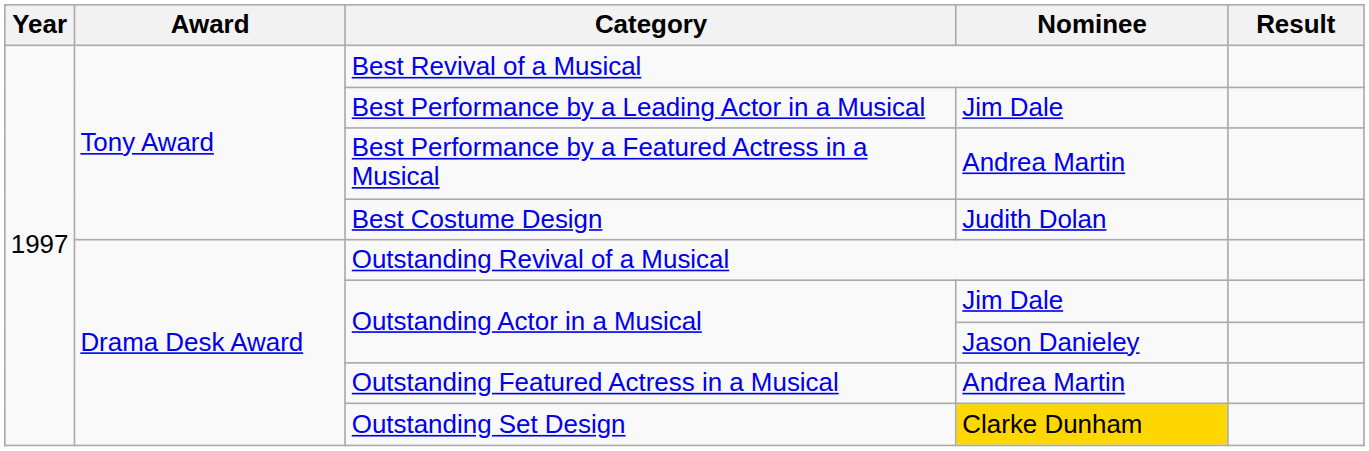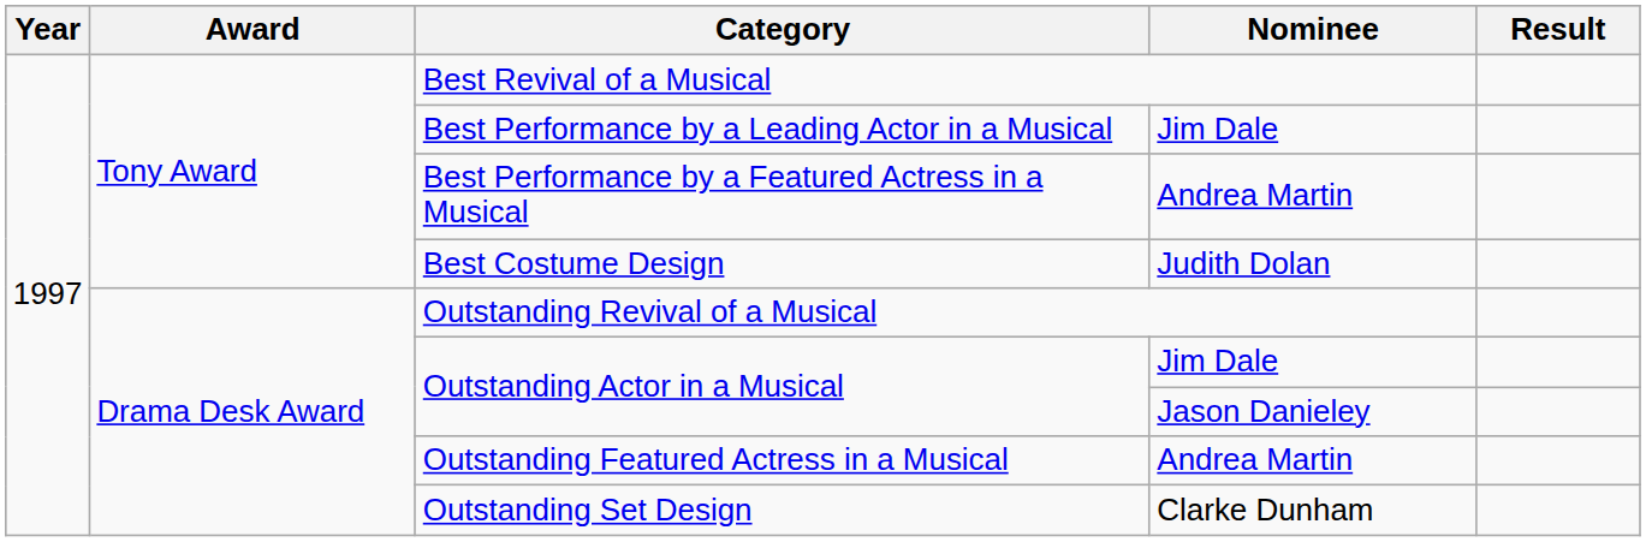 <table class="wikitable" style="width:95%;">
 <tr>
 <th style="width:5%;">Year</th>
 <th style="width:20%;">Award</th>
 <th style="width:45%;">Category</th>
 <th style="width:20%;">Nominee</th>
 <th style="width:10%;">Result</th>
 </tr>
 <tr>
 <td rowspan="9" style="text-align:center;">1997</td>
 <td rowspan="4"><a href='#'>Tony Award</a></td>
 <td colspan="2"><a href='#'>Best Revival of a Musical</a></td>
 <td></td>
 </tr>
 <tr>
 <td><a href='#'>Best Performance by a Leading Actor in a Musical</a></td>
 <td><a href='#'>Jim Dale</a></td>
 <td></td>
 </tr>
 <tr>
 <td><a href='#'>Best Performance by a Featured Actress in a Musical</a></td>
 <td><a href='#'>Andrea Martin</a></td>
 <td></td>
 </tr>
 <tr>
 <td><a href='#'>Best Costume Design</a></td>
 <td><a href='#'>Judith Dolan</a></td>
 <td></td>
 </tr>
 <tr>
 <td rowspan="5"><a href='#'>Drama Desk Award</a></td>
 <td colspan="2"><a href='#'>Outstanding Revival of a Musical</a></td>
 <td></td>
 </tr>
 <tr>
 <td rowspan="2"><a href='#'>Outstanding Actor in a Musical</a></td>
 <td><a href='#'>Jim Dale</a></td>
 <td></td>
 </tr>
 <tr>
 <td><a href='#'>Jason Danieley</a></td>
 <td></td>
 </tr>
 <tr>
 <td><a href='#'>Outstanding Featured Actress in a Musical</a></td>
 <td><a href='#'>Andrea Martin</a></td>
 <td></td>
 </tr>
 <tr>
 <td><a href='#'>Outstanding Set Design</a></td>
-<td style="background: gold;">Clarke Dunham</td>
+<td>Clarke Dunham</td>
 <td></td>
 </tr>
 </table>
